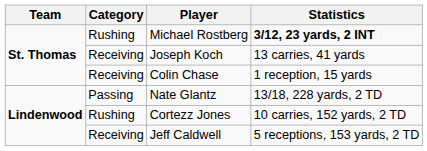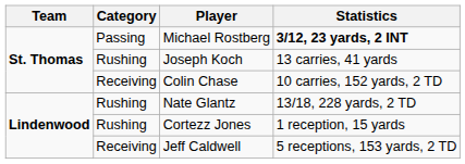 <table class="wikitable" style="float: right;">
 <tr>
 <th>Team</th>
 <th>Category</th>
 <th>Player</th>
 <th>Statistics</th>
 </tr>
 <tr>
 <td rowspan=3><strong>St. Thomas</strong></td>
-<td>Rushing</td>
+<td>Passing</td>
 <td>Michael Rostberg</td>
 <td><strong>3/12, 23 yards, 2 INT</strong></td>
 </tr>
 <tr>
-<td>Receiving</td>
+<td>Rushing</td>
 <td>Joseph Koch</td>
 <td>13 carries, 41 yards</td>
 </tr>
 <tr>
 <td>Receiving</td>
 <td>Colin Chase</td>
-<td>1 reception, 15 yards</td>
+<td>10 carries, 152 yards, 2 TD</td>
 </tr>
 <tr>
 <td rowspan=3><strong>Lindenwood</strong></td>
-<td>Passing</td>
+<td>Rushing</td>
 <td>Nate Glantz</td>
 <td>13/18, 228 yards, 2 TD</td>
 </tr>
 <tr>
 <td>Rushing</td>
 <td>Cortezz Jones</td>
-<td>10 carries, 152 yards, 2 TD</td>
+<td>1 reception, 15 yards</td>
 </tr>
 <tr>
 <td>Receiving</td>
 <td>Jeff Caldwell</td>
 <td>5 receptions, 153 yards, 2 TD</td>
 </tr>
 </table>
